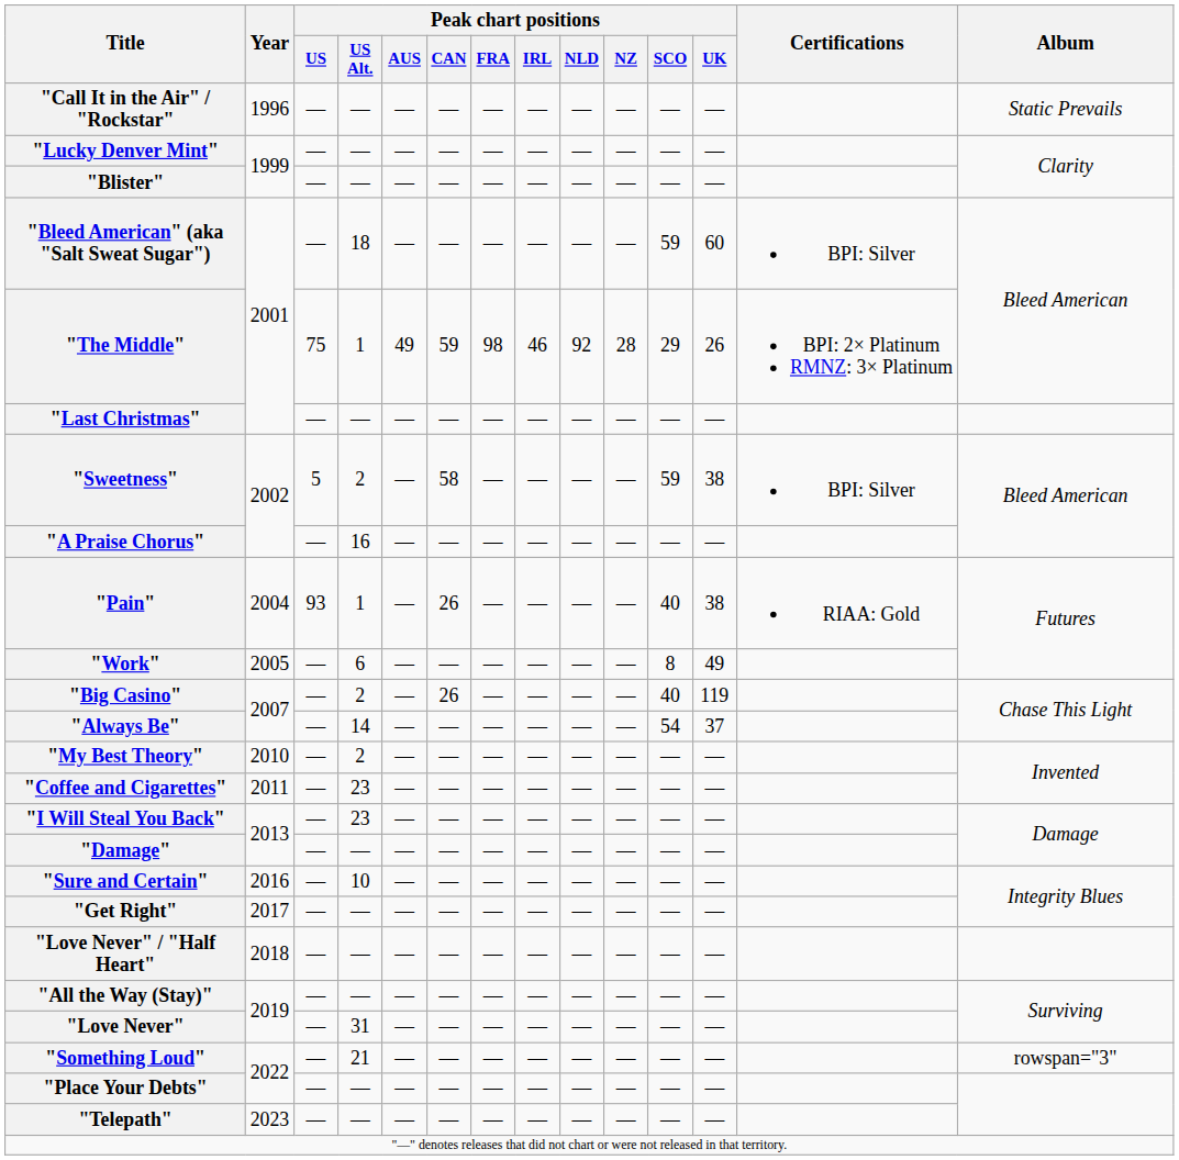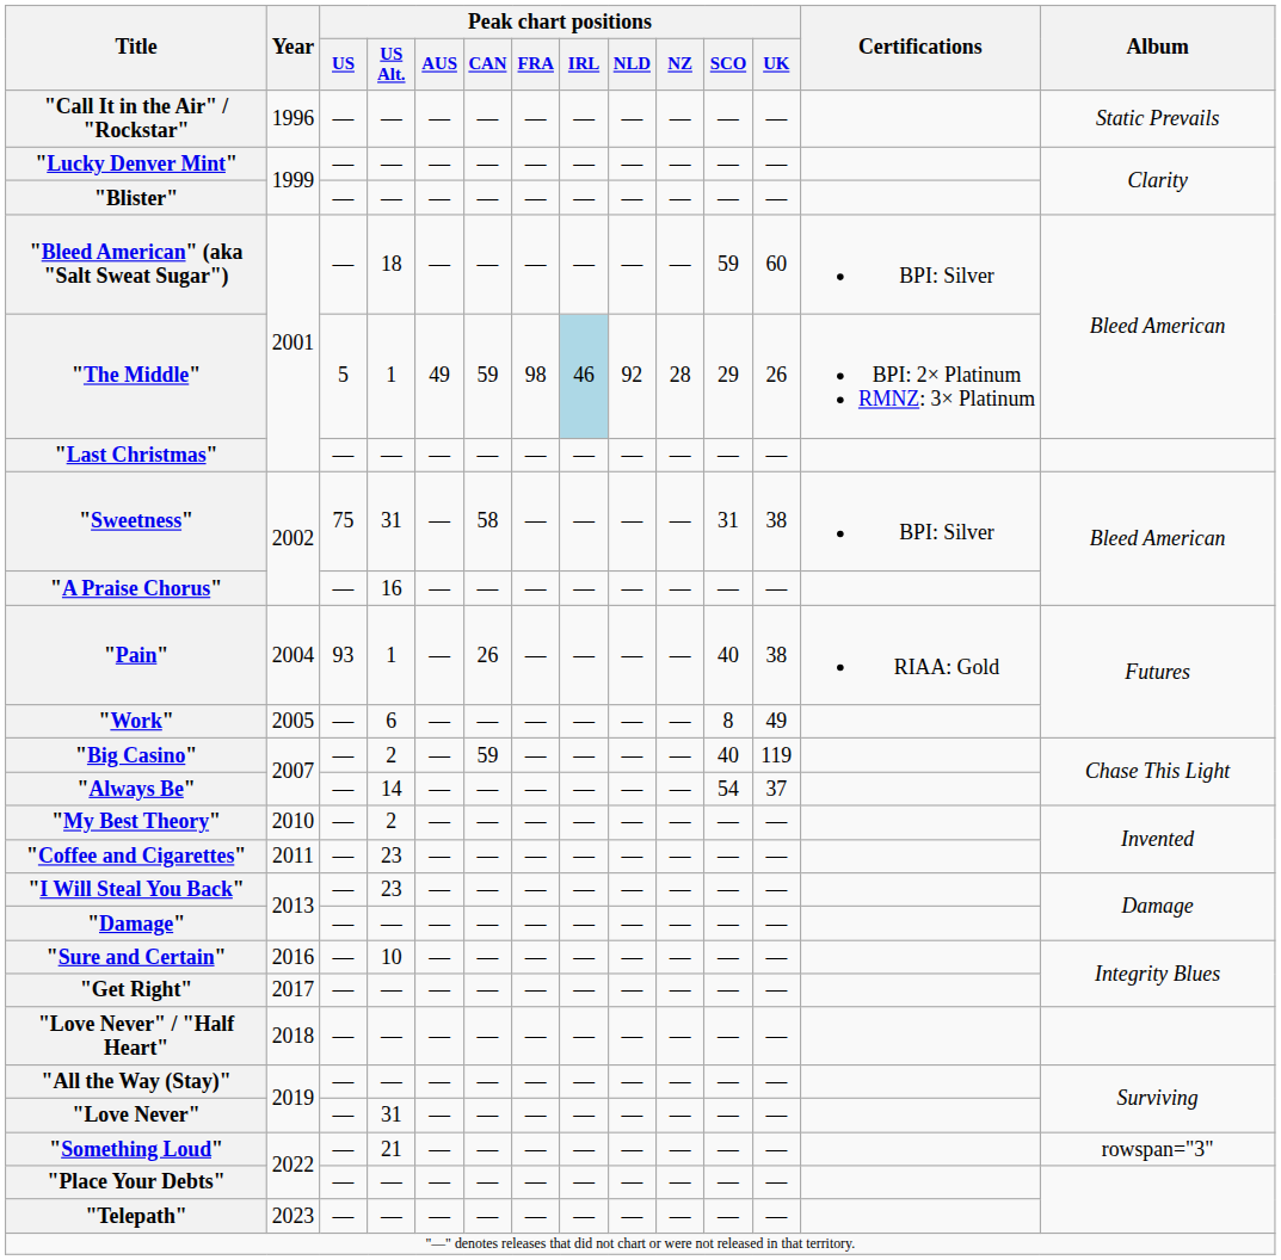 <table class="wikitable plainrowheaders" style="text-align:center;">
 <tr>
 <th rowspan="2" width="190">Title</th>
 <th rowspan="2">Year</th>
 <th colspan="10">Peak chart positions</th>
 <th rowspan="2">Certifications</th>
 <th rowspan="2" width="170">Album</th>
 </tr>
 <tr style="font-size:smaller;">
 <th width="30"><a href='#'>US</a><br></th>
 <th width="30"><a href='#'>US<br>Alt.</a><br></th>
 <th width="30"><a href='#'>AUS</a><br></th>
 <th width="30"><a href='#'>CAN</a><br></th>
 <th width="30"><a href='#'>FRA</a><br></th>
 <th width="30"><a href='#'>IRL</a><br></th>
 <th width="30"><a href='#'>NLD</a><br></th>
 <th width="30"><a href='#'>NZ</a><br></th>
 <th width="30"><a href='#'>SCO</a><br></th>
 <th width="30"><a href='#'>UK</a><br></th>
 </tr>
 <tr>
 <th scope="row">"Call It in the Air" / "Rockstar"</th>
 <td>1996</td>
 <td>—</td>
 <td>—</td>
 <td>—</td>
 <td>—</td>
 <td>—</td>
 <td>—</td>
 <td>—</td>
 <td>—</td>
 <td>—</td>
 <td>—</td>
 <td></td>
 <td><em>Static Prevails</em></td>
 </tr>
 <tr>
 <th scope="row">"<a href='#'>Lucky Denver Mint</a>"</th>
 <td rowspan="2">1999</td>
 <td>—</td>
 <td>—</td>
 <td>—</td>
 <td>—</td>
 <td>—</td>
 <td>—</td>
 <td>—</td>
 <td>—</td>
 <td>—</td>
 <td>—</td>
 <td></td>
 <td rowspan="2"><em>Clarity</em></td>
 </tr>
 <tr>
 <th scope="row">"Blister"</th>
 <td>—</td>
 <td>—</td>
 <td>—</td>
 <td>—</td>
 <td>—</td>
 <td>—</td>
 <td>—</td>
 <td>—</td>
 <td>—</td>
 <td>—</td>
 <td></td>
 </tr>
 <tr>
 <th scope="row">"<a href='#'>Bleed American</a>" (aka "Salt Sweat Sugar")</th>
 <td rowspan="3">2001</td>
 <td>—</td>
 <td>18</td>
 <td>—</td>
 <td>—</td>
 <td>—</td>
 <td>—</td>
 <td>—</td>
 <td>—</td>
 <td>59</td>
 <td>60</td>
 <td><br><ul><li>BPI: Silver</li></ul></td>
 <td rowspan="2"><em>Bleed American</em></td>
 </tr>
 <tr>
 <th scope="row">"<a href='#'>The Middle</a>"</th>
-<td>75</td>
+<td>5</td>
 <td>1</td>
 <td>49</td>
 <td>59</td>
 <td>98</td>
-<td>46</td>
+<td style="background: lightblue;">46</td>
 <td>92</td>
 <td>28</td>
 <td>29</td>
 <td>26</td>
 <td><br><ul><li>BPI: 2× Platinum</li><li><a href='#'>RMNZ</a>: 3× Platinum</li></ul></td>
 </tr>
 <tr>
 <th scope="row">"<a href='#'>Last Christmas</a>"</th>
 <td>—</td>
 <td>—</td>
 <td>—</td>
 <td>—</td>
 <td>—</td>
 <td>—</td>
 <td>—</td>
 <td>—</td>
 <td>—</td>
 <td>—</td>
 <td></td>
 <td></td>
 </tr>
 <tr>
 <th scope="row">"<a href='#'>Sweetness</a>"</th>
 <td rowspan="2">2002</td>
-<td>5</td>
-<td>2</td>
+<td>75</td>
+<td>31</td>
 <td>—</td>
 <td>58</td>
 <td>—</td>
 <td>—</td>
 <td>—</td>
 <td>—</td>
-<td>59</td>
+<td>31</td>
 <td>38</td>
 <td><br><ul><li>BPI: Silver</li></ul></td>
 <td rowspan="2"><em>Bleed American</em></td>
 </tr>
 <tr>
 <th scope="row">"<a href='#'>A Praise Chorus</a>"</th>
 <td>—</td>
 <td>16</td>
 <td>—</td>
 <td>—</td>
 <td>—</td>
 <td>—</td>
 <td>—</td>
 <td>—</td>
 <td>—</td>
 <td>—</td>
 <td></td>
 </tr>
 <tr>
 <th scope="row">"<a href='#'>Pain</a>"</th>
 <td>2004</td>
 <td>93</td>
 <td>1</td>
 <td>—</td>
 <td>26</td>
 <td>—</td>
 <td>—</td>
 <td>—</td>
 <td>—</td>
 <td>40</td>
 <td>38</td>
 <td><br><ul><li>RIAA: Gold</li></ul></td>
 <td rowspan="2"><em>Futures</em></td>
 </tr>
 <tr>
 <th scope="row">"<a href='#'>Work</a>"</th>
 <td>2005</td>
 <td>—</td>
 <td>6</td>
 <td>—</td>
 <td>—</td>
 <td>—</td>
 <td>—</td>
 <td>—</td>
 <td>—</td>
 <td>8</td>
 <td>49</td>
 <td></td>
 </tr>
 <tr>
 <th scope="row">"<a href='#'>Big Casino</a>"</th>
 <td rowspan="2">2007</td>
 <td>—</td>
 <td>2</td>
 <td>—</td>
-<td>26</td>
+<td>59</td>
 <td>—</td>
 <td>—</td>
 <td>—</td>
 <td>—</td>
 <td>40</td>
 <td>119</td>
 <td></td>
 <td rowspan="2"><em>Chase This Light</em></td>
 </tr>
 <tr>
 <th scope="row">"<a href='#'>Always Be</a>"</th>
 <td>—</td>
 <td>14</td>
 <td>—</td>
 <td>—</td>
 <td>—</td>
 <td>—</td>
 <td>—</td>
 <td>—</td>
 <td>54</td>
 <td>37</td>
 <td></td>
 </tr>
 <tr>
 <th scope="row">"<a href='#'>My Best Theory</a>"</th>
 <td>2010</td>
 <td>—</td>
 <td>2</td>
 <td>—</td>
 <td>—</td>
 <td>—</td>
 <td>—</td>
 <td>—</td>
 <td>—</td>
 <td>—</td>
 <td>—</td>
 <td></td>
 <td rowspan="2"><em>Invented</em></td>
 </tr>
 <tr>
 <th scope="row">"<a href='#'>Coffee and Cigarettes</a>"</th>
 <td>2011</td>
 <td>—</td>
 <td>23</td>
 <td>—</td>
 <td>—</td>
 <td>—</td>
 <td>—</td>
 <td>—</td>
 <td>—</td>
 <td>—</td>
 <td>—</td>
 <td></td>
 </tr>
 <tr>
 <th scope="row">"<a href='#'>I Will Steal You Back</a>"</th>
 <td rowspan="2">2013</td>
 <td>—</td>
 <td>23</td>
 <td>—</td>
 <td>—</td>
 <td>—</td>
 <td>—</td>
 <td>—</td>
 <td>—</td>
 <td>—</td>
 <td>—</td>
 <td></td>
 <td rowspan="2"><em>Damage</em></td>
 </tr>
 <tr>
 <th scope="row">"<a href='#'>Damage</a>"</th>
 <td>—</td>
 <td>—</td>
 <td>—</td>
 <td>—</td>
 <td>—</td>
 <td>—</td>
 <td>—</td>
 <td>—</td>
 <td>—</td>
 <td>—</td>
 <td></td>
 </tr>
 <tr>
 <th scope="row">"<a href='#'>Sure and Certain</a>"</th>
 <td>2016</td>
 <td>—</td>
 <td>10</td>
 <td>—</td>
 <td>—</td>
 <td>—</td>
 <td>—</td>
 <td>—</td>
 <td>—</td>
 <td>—</td>
 <td>—</td>
 <td></td>
 <td rowspan="2"><em>Integrity Blues</em></td>
 </tr>
 <tr>
 <th scope="row">"Get Right"</th>
 <td>2017</td>
 <td>—</td>
 <td>—</td>
 <td>—</td>
 <td>—</td>
 <td>—</td>
 <td>—</td>
 <td>—</td>
 <td>—</td>
 <td>—</td>
 <td>—</td>
 <td></td>
 </tr>
 <tr>
 <th scope="row">"Love Never" / "Half Heart"</th>
 <td>2018</td>
 <td>—</td>
 <td>—</td>
 <td>—</td>
 <td>—</td>
 <td>—</td>
 <td>—</td>
 <td>—</td>
 <td>—</td>
 <td>—</td>
 <td>—</td>
 <td></td>
 <td></td>
 </tr>
 <tr>
 <th scope="row">"All the Way (Stay)"</th>
 <td rowspan="2">2019</td>
 <td>—</td>
 <td>—</td>
 <td>—</td>
 <td>—</td>
 <td>—</td>
 <td>—</td>
 <td>—</td>
 <td>—</td>
 <td>—</td>
 <td>—</td>
 <td></td>
 <td rowspan="2"><em>Surviving</em></td>
 </tr>
 <tr>
 <th scope="row">"Love Never"</th>
 <td>—</td>
 <td>31</td>
 <td>—</td>
 <td>—</td>
 <td>—</td>
 <td>—</td>
 <td>—</td>
 <td>—</td>
 <td>—</td>
 <td>—</td>
 <td></td>
 </tr>
 <tr>
 <th scope="row">"<a href='#'>Something Loud</a>"</th>
 <td rowspan="2">2022</td>
 <td>—</td>
 <td>21</td>
 <td>—</td>
 <td>—</td>
 <td>—</td>
 <td>—</td>
 <td>—</td>
 <td>—</td>
 <td>—</td>
 <td>—</td>
 <td></td>
 <td>rowspan="3" </td>
 </tr>
 <tr>
 <th scope="row">"Place Your Debts"</th>
 <td>—</td>
 <td>—</td>
 <td>—</td>
 <td>—</td>
 <td>—</td>
 <td>—</td>
 <td>—</td>
 <td>—</td>
 <td>—</td>
 <td>—</td>
 <td></td>
 </tr>
 <tr>
 <th scope="row">"Telepath"</th>
 <td>2023</td>
 <td>—</td>
 <td>—</td>
 <td>—</td>
 <td>—</td>
 <td>—</td>
 <td>—</td>
 <td>—</td>
 <td>—</td>
 <td>—</td>
 <td>—</td>
 <td></td>
 </tr>
 <tr>
 <td align="center" colspan="15" style="font-size: 8pt">"—" denotes releases that did not chart or were not released in that territory.</td>
 </tr>
 </table>
